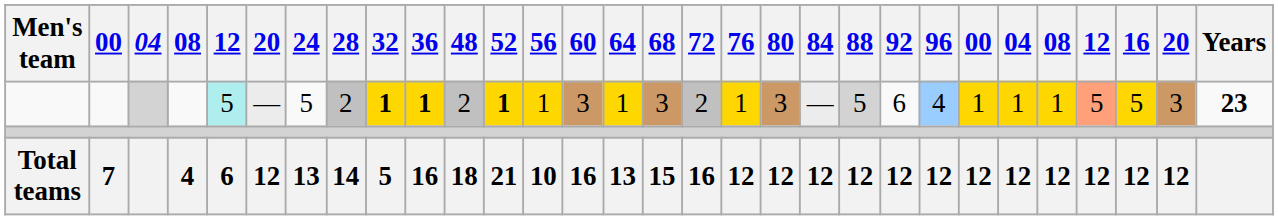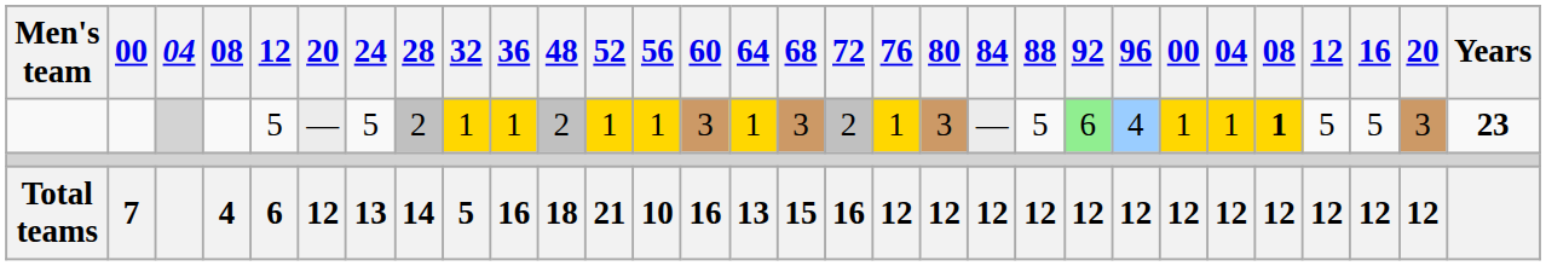 <table class="wikitable" style="text-align: center; font-size: 90%; margin-left: 1em;">
 <tr>
 <th>Men's team</th>
 <th><a href='#'>00</a></th>
 <th><em><a href='#'>04</a></em></th>
 <th><a href='#'>08</a></th>
 <th><a href='#'>12</a></th>
 <th><a href='#'>20</a></th>
 <th><a href='#'>24</a></th>
 <th><a href='#'>28</a></th>
 <th><a href='#'>32</a></th>
 <th><a href='#'>36</a></th>
 <th><a href='#'>48</a></th>
 <th><a href='#'>52</a></th>
 <th><a href='#'>56</a></th>
 <th><a href='#'>60</a></th>
 <th><a href='#'>64</a></th>
 <th><a href='#'>68</a></th>
 <th><a href='#'>72</a></th>
 <th><a href='#'>76</a></th>
 <th><a href='#'>80</a></th>
 <th><a href='#'>84</a></th>
 <th><a href='#'>88</a></th>
 <th><a href='#'>92</a></th>
 <th><a href='#'>96</a></th>
 <th><a href='#'>00</a></th>
 <th><a href='#'>04</a></th>
 <th><a href='#'>08</a></th>
 <th><a href='#'>12</a></th>
 <th><a href='#'>16</a></th>
 <th><a href='#'>20</a></th>
 <th>Years</th>
 </tr>
 <tr>
 <td style="text-align: left;"></td>
 <td></td>
 <td style="background-color: lightgray;"></td>
 <td></td>
-<td style="background: paleturquoise;">5</td>
+<td>5</td>
 <td style="background-color: #ececec;">—</td>
 <td>5</td>
 <td style="background-color: silver;">2</td>
-<td style="background-color: gold;"><strong>1</strong></td>
-<td style="background-color: gold;"><strong>1</strong></td>
+<td style="background-color: gold;">1</td>
+<td style="background-color: gold;">1</td>
 <td style="background-color: silver;">2</td>
-<td style="background-color: gold;"><strong>1</strong></td>
+<td style="background-color: gold;">1</td>
 <td style="background-color: gold;">1</td>
 <td style="background-color: #cc9966;">3</td>
 <td style="background-color: gold;">1</td>
 <td style="background-color: #cc9966;">3</td>
 <td style="background-color: silver;">2</td>
 <td style="background-color: gold;">1</td>
 <td style="background-color: #cc9966;">3</td>
 <td style="background-color: #ececec;">—</td>
-<td style="background: lightgrey;">5</td>
-<td>6</td>
+<td>5</td>
+<td style="background: lightgreen;">6</td>
 <td style="background-color: #9acdff;">4</td>
 <td style="background-color: gold;">1</td>
 <td style="background-color: gold;">1</td>
-<td style="background-color: gold;">1</td>
-<td style="background: lightsalmon;">5</td>
-<td style="background: gold;">5</td>
+<td style="background-color: gold;"><strong>1</strong></td>
+<td>5</td>
+<td>5</td>
 <td style="background-color: #cc9966;">3</td>
 <td><strong>23</strong></td>
 </tr>
 <tr style="background-color: lightgrey;">
 <td colspan="30"></td>
 </tr>
 <tr>
 <th>Total teams</th>
 <th>7</th>
 <th></th>
 <th>4</th>
 <th>6</th>
 <th>12</th>
 <th>13</th>
 <th>14</th>
 <th>5</th>
 <th>16</th>
 <th>18</th>
 <th>21</th>
 <th>10</th>
 <th>16</th>
 <th>13</th>
 <th>15</th>
 <th>16</th>
 <th>12</th>
 <th>12</th>
 <th>12</th>
 <th>12</th>
 <th>12</th>
 <th>12</th>
 <th>12</th>
 <th>12</th>
 <th>12</th>
 <th>12</th>
 <th>12</th>
 <th>12</th>
 <th></th>
 </tr>
 </table>
